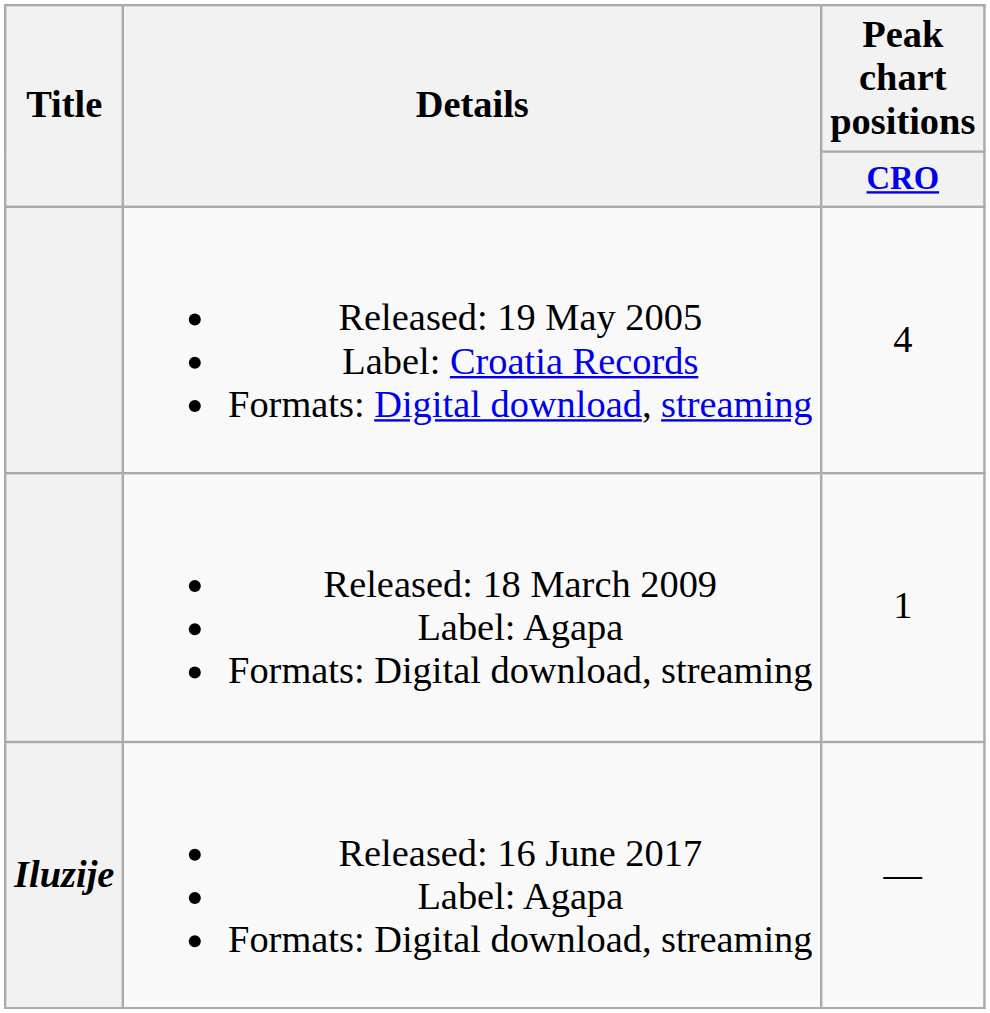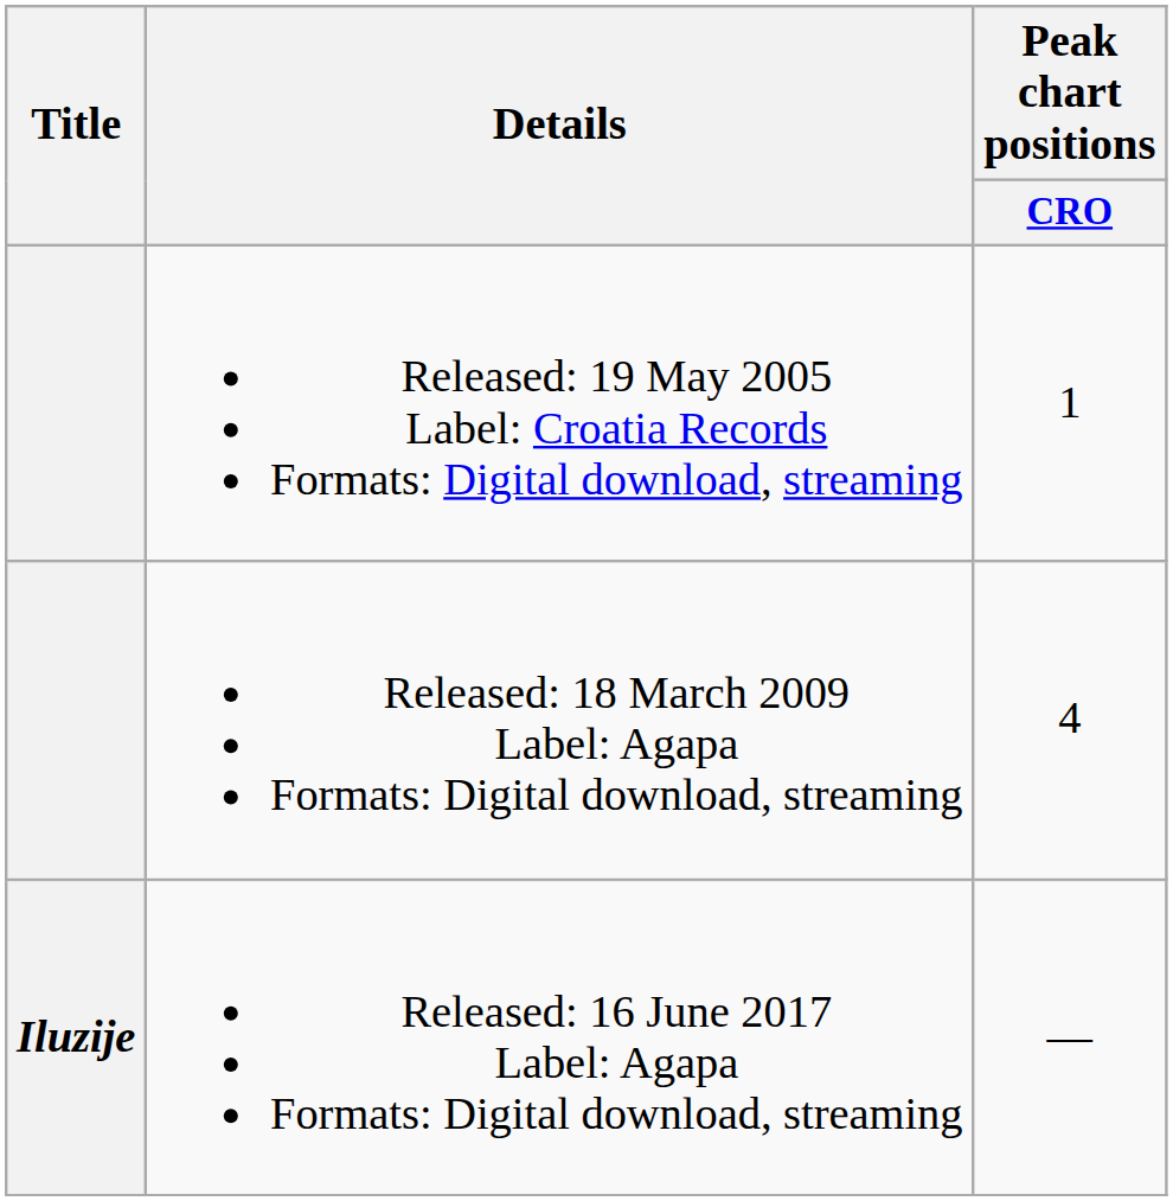 <table class="wikitable plainrowheaders" style="text-align:center;">
 <tr>
 <th scope="col" rowspan="2">Title</th>
 <th scope="col" rowspan="2">Details</th>
 <th scope="col" colspan="1">Peak chart positions</th>
 </tr>
 <tr>
 <th scope="col" style="width:3em;font-size:85%;"><a href='#'>CRO</a><br></th>
 </tr>
 <tr>
 <th scope="row"><em></em></th>
 <td><br><ul><li>Released: 19 May 2005</li><li>Label: <a href='#'>Croatia Records</a></li><li>Formats: <a href='#'>Digital download</a>, <a href='#'>streaming</a></li></ul></td>
-<td>4</td>
+<td>1</td>
 </tr>
 <tr>
 <th scope="row"><em></em></th>
 <td><br><ul><li>Released: 18 March 2009</li><li>Label: Agapa</li><li>Formats: Digital download, streaming</li></ul></td>
-<td>1</td>
+<td>4</td>
 </tr>
 <tr>
 <th scope="row"><em>Iluzije</em></th>
 <td><br><ul><li>Released: 16 June 2017</li><li>Label: Agapa</li><li>Formats: Digital download, streaming</li></ul></td>
 <td>—</td>
 </tr>
 <tr>
 </tr>
 </table>
